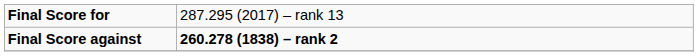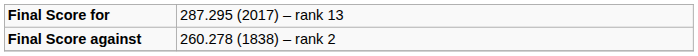 <table class="wikitable" width="60%">
 <tr>
 <td width="25%"><strong>Final Score for</strong></td>
 <td>287.295 (2017) – rank 13</td>
 </tr>
 <tr>
 <td width="25%"><strong>Final Score against</strong></td>
-<td><strong>260.278 (1838) – rank 2</strong></td>
+<td>260.278 (1838) – rank 2</td>
 </tr>
 <tr>
 </tr>
 </table>
